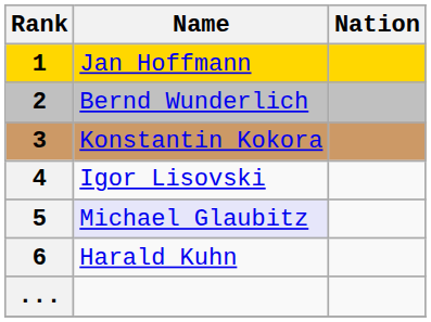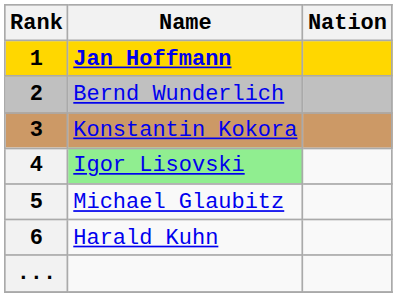 <table class="wikitable">
 <tr>
 <th>Rank</th>
 <th>Name</th>
 <th>Nation</th>
 </tr>
 <tr bgcolor="gold">
 <td align="center"><strong>1</strong></td>
-<td><a href='#'>Jan Hoffmann</a></td>
+<td><strong><a href='#'>Jan Hoffmann</a></strong></td>
 <td></td>
 </tr>
 <tr bgcolor="silver">
 <td align="center"><strong>2</strong></td>
 <td><a href='#'>Bernd Wunderlich</a></td>
 <td></td>
 </tr>
 <tr bgcolor="cc9966">
 <td align="center"><strong>3</strong></td>
 <td><a href='#'>Konstantin Kokora</a></td>
 <td></td>
 </tr>
 <tr>
 <th>4</th>
-<td><a href='#'>Igor Lisovski</a></td>
+<td style="background: lightgreen;"><a href='#'>Igor Lisovski</a></td>
 <td></td>
 </tr>
 <tr>
 <th>5</th>
-<td style="background: lavender;"><a href='#'>Michael Glaubitz</a></td>
+<td><a href='#'>Michael Glaubitz</a></td>
 <td></td>
 </tr>
 <tr>
 <th>6</th>
 <td><a href='#'>Harald Kuhn</a></td>
 <td></td>
 </tr>
 <tr>
 <th>...</th>
 <td></td>
 <td></td>
 </tr>
 <tr>
 </tr>
 </table>
